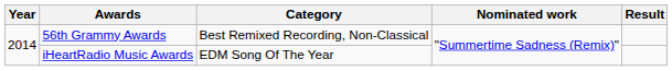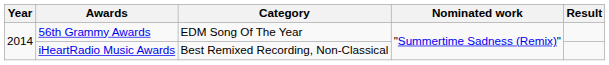 <table class="wikitable sortable">
 <tr>
 <th>Year</th>
 <th>Awards</th>
 <th>Category</th>
 <th>Nominated work</th>
 <th>Result</th>
 </tr>
 <tr>
 <td rowspan="2">2014</td>
 <td><a href='#'>56th Grammy Awards</a></td>
-<td>Best Remixed Recording, Non-Classical</td>
+<td>EDM Song Of The Year</td>
 <td rowspan="2">"<a href='#'>Summertime Sadness (Remix)</a>"</td>
 <td></td>
 </tr>
 <tr>
 <td><a href='#'>iHeartRadio Music Awards</a></td>
-<td>EDM Song Of The Year</td>
+<td>Best Remixed Recording, Non-Classical</td>
 <td></td>
 </tr>
 </table>
